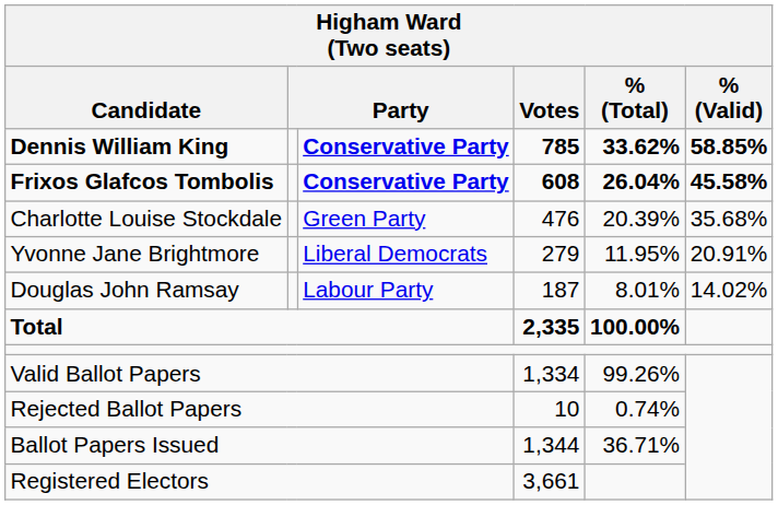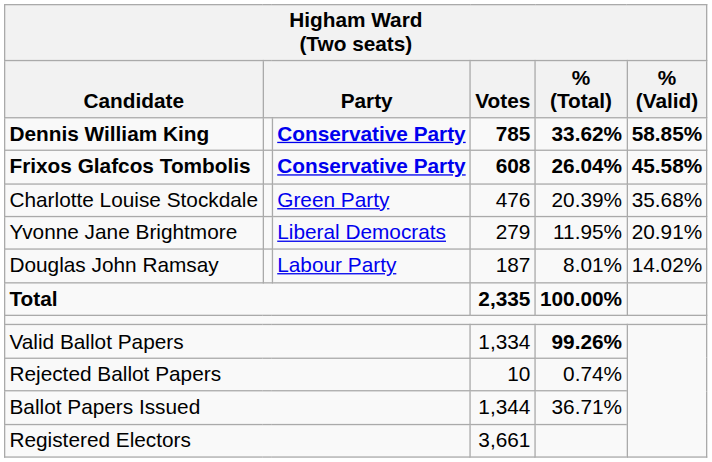 <table class="wikitable" border="1" style="text-align:right; font-size:100%">
 <tr>
 <th align=center colspan=6>Higham Ward<br>(Two seats)</th>
 </tr>
 <tr>
 <th valign=bottom>Candidate</th>
 <th valign=bottom colspan=2>Party</th>
 <th valign=bottom>Votes</th>
 <th>%<br>(Total)</th>
 <th>%<br>(Valid)</th>
 </tr>
 <tr>
 <td align=left><strong>Dennis William King</strong></td>
 <td style="background:"></td>
 <td align=left><strong><a href='#'>Conservative Party</a></strong></td>
 <td><strong>785</strong></td>
 <td><strong>33.62%</strong></td>
 <td><strong>58.85%</strong></td>
 </tr>
 <tr>
 <td align=left><strong>Frixos Glafcos Tombolis</strong></td>
 <td style="background:"></td>
 <td align=left><strong><a href='#'>Conservative Party</a></strong></td>
 <td><strong>608</strong></td>
 <td><strong>26.04%</strong></td>
 <td><strong>45.58%</strong></td>
 </tr>
 <tr>
 <td align=left>Charlotte Louise Stockdale</td>
 <td style="background:"></td>
 <td align=left><a href='#'>Green Party</a></td>
 <td>476</td>
 <td>20.39%</td>
 <td>35.68%</td>
 </tr>
 <tr>
 <td align=left>Yvonne Jane Brightmore</td>
 <td style="background:"></td>
 <td align=left><a href='#'>Liberal Democrats</a></td>
 <td>279</td>
 <td>11.95%</td>
 <td>20.91%</td>
 </tr>
 <tr>
 <td align=left>Douglas John Ramsay</td>
 <td style="background:"></td>
 <td align=left><a href='#'>Labour Party</a></td>
 <td>187</td>
 <td>8.01%</td>
 <td>14.02%</td>
 </tr>
 <tr style="font-weight:bold">
 <td align=left colspan=3>Total</td>
 <td>2,335</td>
 <td>100.00%</td>
 <td></td>
 </tr>
 <tr>
 <td align=left colspan=6></td>
 </tr>
 <tr>
 <td align=left colspan=3>Valid Ballot Papers</td>
 <td>1,334</td>
-<td>99.26%</td>
+<td><strong>99.26%</strong></td>
 <td rowspan=4></td>
 </tr>
 <tr>
 <td align=left colspan=3>Rejected Ballot Papers</td>
 <td>10</td>
 <td>0.74%</td>
 </tr>
 <tr>
 <td align=left colspan=3>Ballot Papers Issued</td>
 <td>1,344</td>
 <td>36.71%</td>
 </tr>
 <tr>
 <td align=left colspan=3>Registered Electors</td>
 <td>3,661</td>
 <td></td>
 </tr>
 </table>
